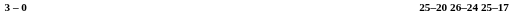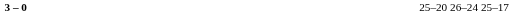 <table width=100% cellspacing=1>
 <tr>
 <th width=20%></th>
 <th width=12%></th>
 <th width=20%></th>
 <th width=33%></th>
 <td></td>
 </tr>
 <tr style=font-size:90%>
 <td align=right><strong></strong></td>
 <td align=center><strong>3 – 0</strong></td>
 <td></td>
-<td><strong>25–20 26–24 25–17</strong></td>
+<td>25–20 26–24 25–17</td>
 </tr>
 </table>
